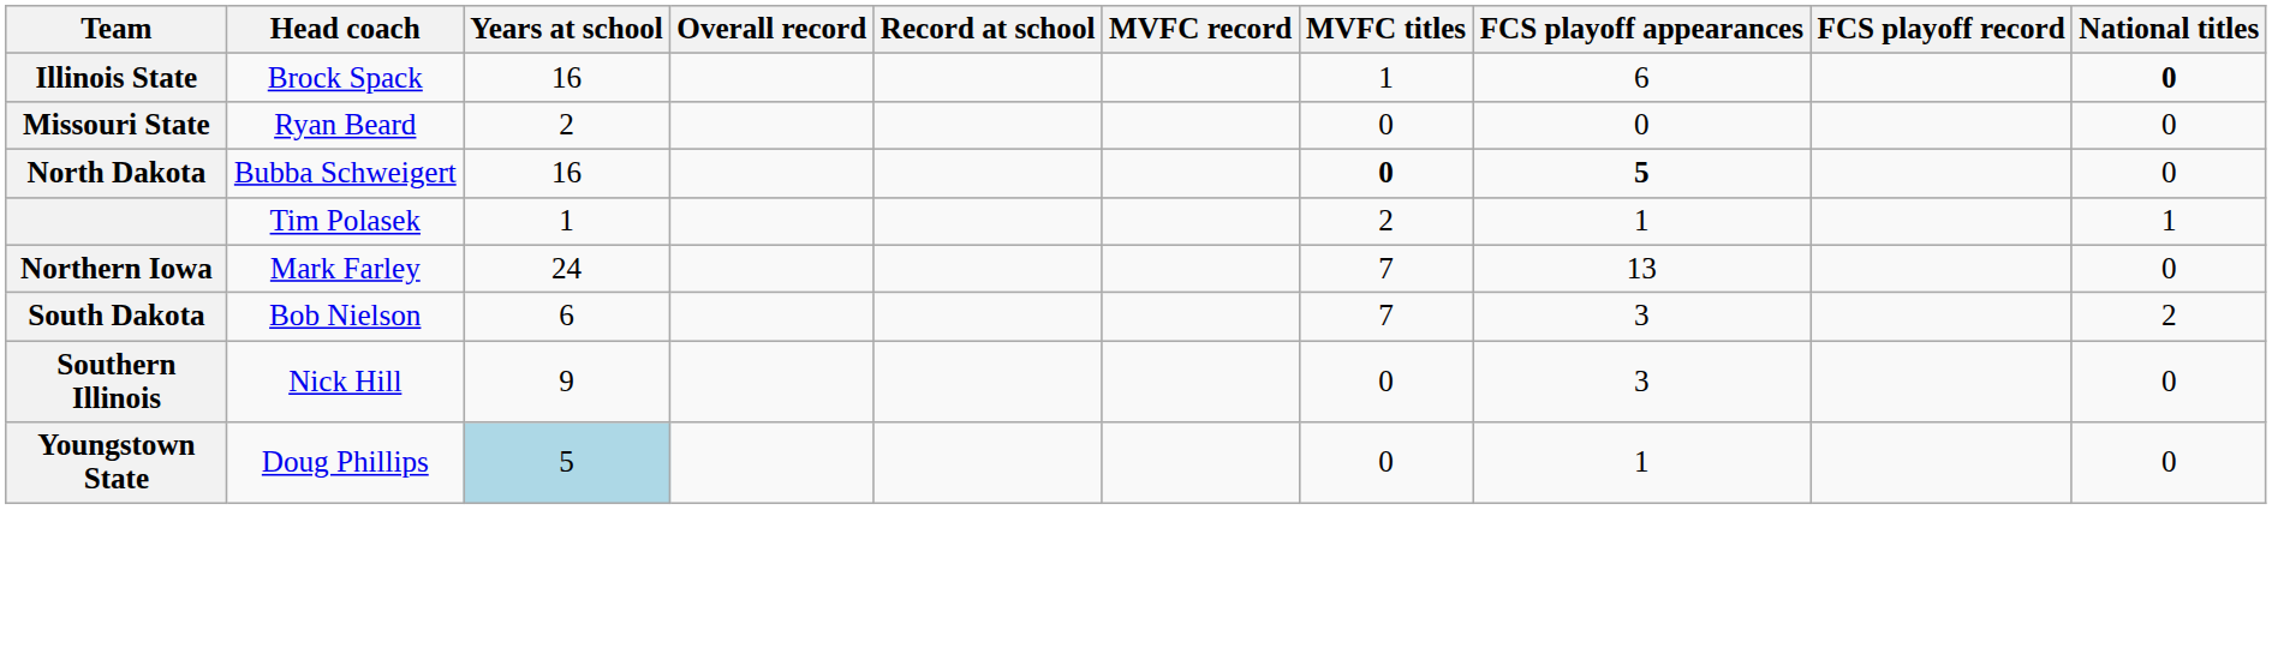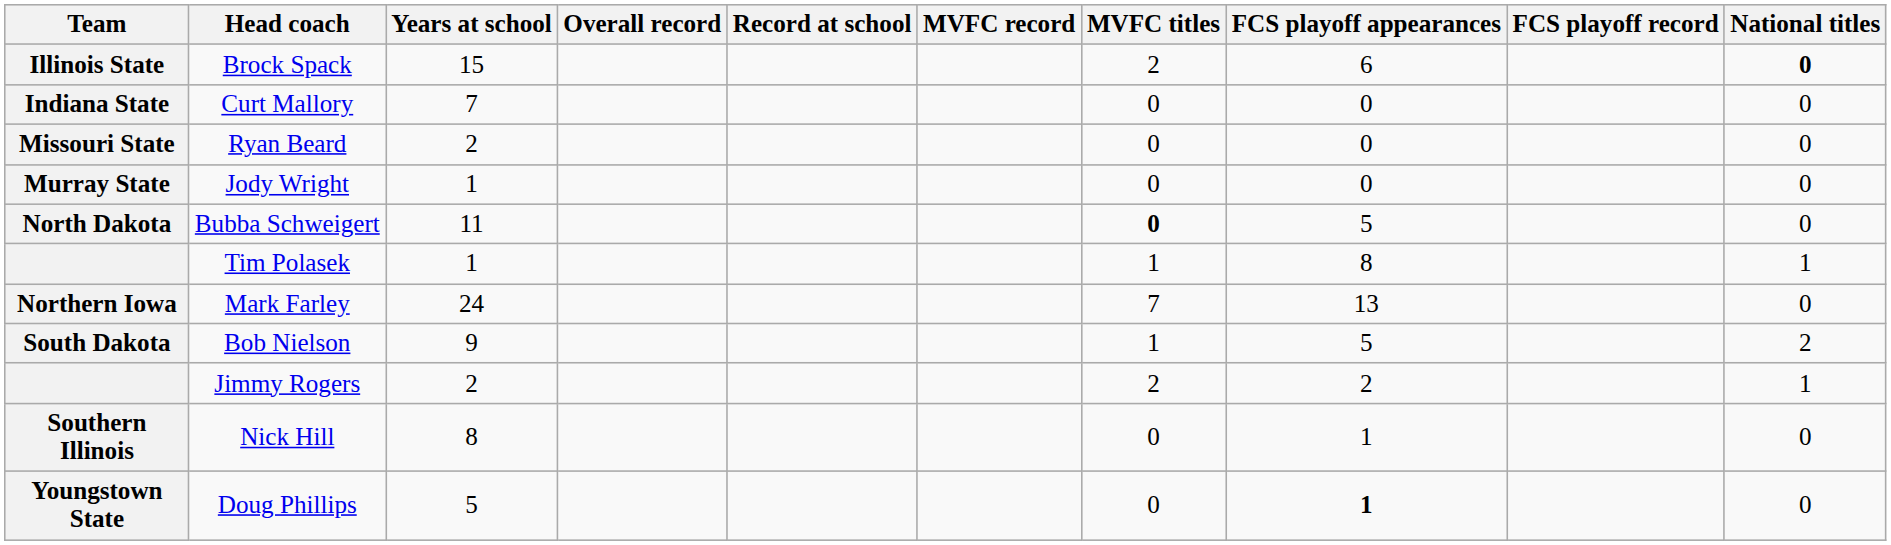 <table class="wikitable sortable" style="text-align: center;">
 <tr>
 <th width="110">Team</th>
 <th>Head coach</th>
 <th>Years at school</th>
 <th>Overall record</th>
 <th>Record at school</th>
 <th>MVFC record</th>
 <th>MVFC titles</th>
 <th>FCS playoff appearances</th>
 <th>FCS playoff record</th>
 <th>National titles</th>
 </tr>
 <tr>
 <th>Illinois State</th>
 <td><a href='#'>Brock Spack</a></td>
-<td>16</td>
+<td>15</td>
 <td data-sort-value=></td>
 <td data-sort-value=></td>
 <td data-sort-value=></td>
-<td>1</td>
+<td>2</td>
 <td>6</td>
 <td data-sort-value=></td>
 <td><strong>0</strong></td>
+</tr>
+<tr>
+<th>Indiana State</th>
+<td><a href='#'>Curt Mallory</a></td>
+<td>7</td>
+<td data-sort-value=></td>
+<td data-sort-value=></td>
+<td data-sort-value=></td>
+<td>0</td>
+<td>0</td>
+<td data-sort-value=></td>
+<td>0</td>
 </tr>
 <tr>
 <th>Missouri State</th>
 <td><a href='#'>Ryan Beard</a></td>
 <td>2</td>
 <td data-sort-value=></td>
 <td data-sort-value=></td>
 <td data-sort-value=></td>
 <td>0</td>
 <td>0</td>
 <td data-sort-value=></td>
 <td>0</td>
 </tr>
 <tr>
+<th>Murray State</th>
+<td><a href='#'>Jody Wright</a></td>
+<td>1</td>
+<td data-sort-value=></td>
+<td data-sort-value=></td>
+<td data-sort-value=></td>
+<td>0</td>
+<td>0</td>
+<td data-sort-value=></td>
+<td>0</td>
+</tr>
+<tr>
 <th>North Dakota</th>
 <td><a href='#'>Bubba Schweigert</a></td>
-<td>16</td>
+<td>11</td>
 <td data-sort-value=></td>
 <td data-sort-value=></td>
 <td data-sort-value=></td>
 <td><strong>0</strong></td>
-<td><strong>5</strong></td>
+<td>5</td>
 <td data-sort-value=></td>
 <td>0</td>
 </tr>
 <tr>
 <th></th>
 <td><a href='#'>Tim Polasek</a></td>
 <td>1</td>
 <td data-sort-value=></td>
 <td data-sort-value=></td>
 <td data-sort-value=></td>
-<td>2</td>
 <td>1</td>
+<td>8</td>
 <td data-sort-value=></td>
 <td>1</td>
 </tr>
 <tr>
 <th>Northern Iowa</th>
 <td><a href='#'>Mark Farley</a></td>
 <td>24</td>
 <td data-sort-value=></td>
 <td data-sort-value=></td>
 <td data-sort-value=></td>
 <td>7</td>
 <td>13</td>
 <td data-sort-value=></td>
 <td>0</td>
 </tr>
 <tr>
 <th>South Dakota</th>
 <td><a href='#'>Bob Nielson</a></td>
-<td>6</td>
+<td>9</td>
 <td data-sort-value=></td>
 <td data-sort-value=></td>
 <td data-sort-value=></td>
-<td>7</td>
-<td>3</td>
+<td>1</td>
+<td>5</td>
 <td data-sort-value=></td>
 <td>2</td>
 </tr>
 <tr>
-<th>Southern Illinois</th>
-<td><a href='#'>Nick Hill</a></td>
-<td>9</td>
+<th></th>
+<td><a href='#'>Jimmy Rogers</a></td>
+<td>2</td>
 <td data-sort-value=></td>
 <td data-sort-value=></td>
 <td data-sort-value=></td>
-<td>0</td>
-<td>3</td>
+<td>2</td>
+<td>2</td>
 <td data-sort-value=></td>
-<td>0</td>
+<td>1</td>
 </tr>
 <tr>
-<th>Youngstown State</th>
-<td><a href='#'>Doug Phillips</a></td>
-<td style="background: lightblue;">5</td>
+<th>Southern Illinois</th>
+<td><a href='#'>Nick Hill</a></td>
+<td>8</td>
 <td data-sort-value=></td>
 <td data-sort-value=></td>
 <td data-sort-value=></td>
 <td>0</td>
 <td>1</td>
 <td data-sort-value=></td>
 <td>0</td>
 </tr>
+<tr>
+<th>Youngstown State</th>
+<td><a href='#'>Doug Phillips</a></td>
+<td>5</td>
+<td data-sort-value=></td>
+<td data-sort-value=></td>
+<td data-sort-value=></td>
+<td>0</td>
+<td><strong>1</strong></td>
+<td data-sort-value=></td>
+<td>0</td>
+</tr>
 </table>
